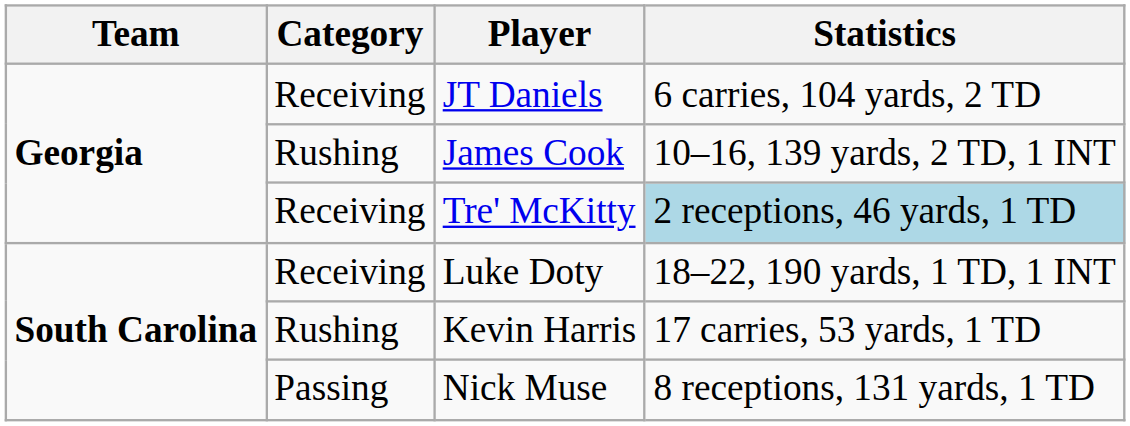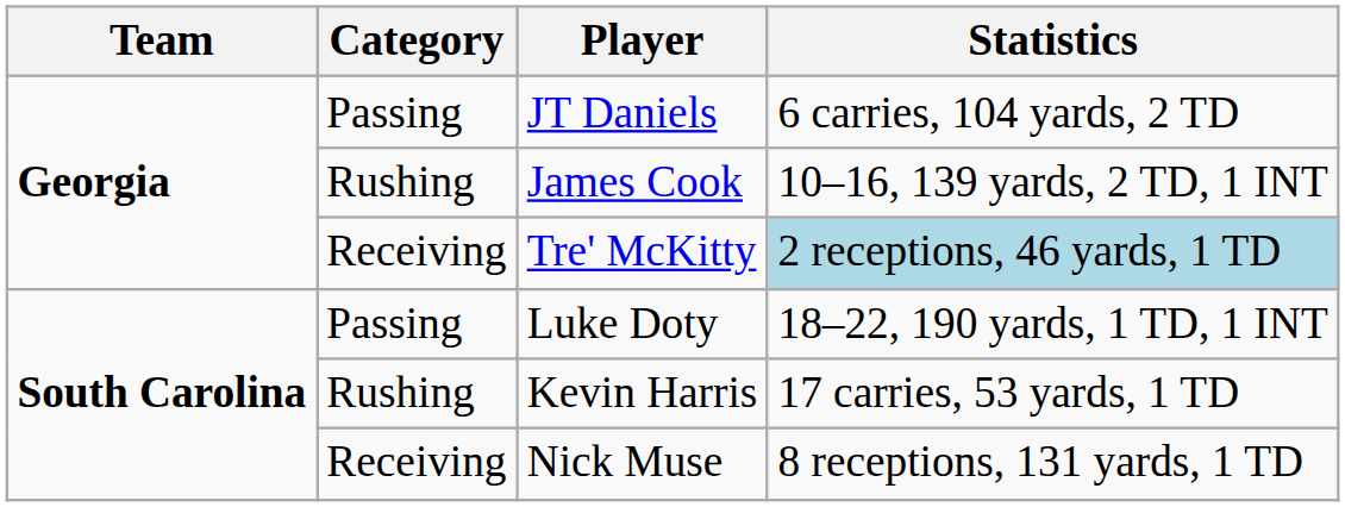 <table class="wikitable" style="float: right;">
 <tr>
 <th>Team</th>
 <th>Category</th>
 <th>Player</th>
 <th>Statistics</th>
 </tr>
 <tr>
 <td rowspan=3><strong>Georgia</strong></td>
-<td>Receiving</td>
+<td>Passing</td>
 <td><a href='#'>JT Daniels</a></td>
 <td>6 carries, 104 yards, 2 TD</td>
 </tr>
 <tr>
 <td>Rushing</td>
 <td><a href='#'>James Cook</a></td>
 <td>10–16, 139 yards, 2 TD, 1 INT</td>
 </tr>
 <tr>
 <td>Receiving</td>
 <td><a href='#'>Tre' McKitty</a></td>
 <td style="background: lightblue;">2 receptions, 46 yards, 1 TD</td>
 </tr>
 <tr>
 <td rowspan=3><strong>South Carolina</strong></td>
-<td>Receiving</td>
+<td>Passing</td>
 <td>Luke Doty</td>
 <td>18–22, 190 yards, 1 TD, 1 INT</td>
 </tr>
 <tr>
 <td>Rushing</td>
 <td>Kevin Harris</td>
 <td>17 carries, 53 yards, 1 TD</td>
 </tr>
 <tr>
-<td>Passing</td>
+<td>Receiving</td>
 <td>Nick Muse</td>
 <td>8 receptions, 131 yards, 1 TD</td>
 </tr>
 </table>
